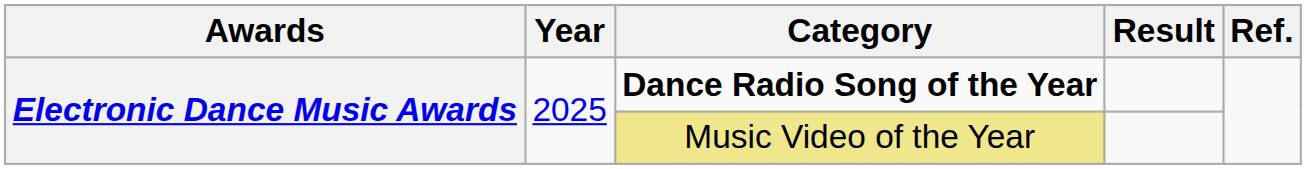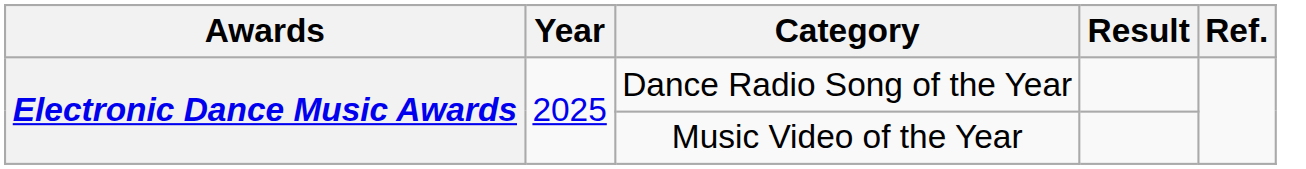 <table class="wikitable plainrowheaders" style="text-align:center;">
 <tr>
 <th scope="col">Awards</th>
 <th>Year</th>
 <th>Category</th>
 <th>Result</th>
 <th>Ref.</th>
 </tr>
 <tr>
 <th rowspan="2" scope="row"><em><a href='#'>Electronic Dance Music Awards</a></em></th>
 <td rowspan="2"><a href='#'>2025</a></td>
-<td><strong>Dance Radio Song of the Year</strong></td>
+<td>Dance Radio Song of the Year</td>
 <td></td>
 <td rowspan="2"></td>
 </tr>
 <tr>
-<td style="background: khaki;">Music Video of the Year</td>
+<td>Music Video of the Year</td>
 <td></td>
 </tr>
 </table>
